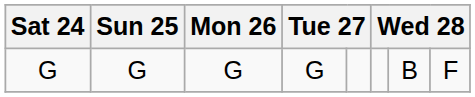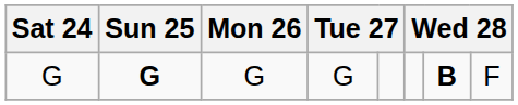 <table class="wikitable" style="margin:0.5em auto; font-size:90%; line-height:1.25em;">
 <tr align="center">
 <th>Sat 24</th>
 <th>Sun 25</th>
 <th>Mon 26</th>
 <th colspan="2">Tue 27</th>
 <th colspan="3">Wed 28</th>
 </tr>
 <tr align="center">
 <td class="team-group">G</td>
-<td class="team-group">G</td>
+<td class="team-group"><strong>G</strong></td>
 <td class="team-group">G</td>
 <td class="team-group">G</td>
 <td class="team-qf"></td>
 <td class="team-sf"></td>
-<td class="team-bronze">B</td>
+<td class="team-bronze"><strong>B</strong></td>
 <td class="team-final">F</td>
 </tr>
 </table>
